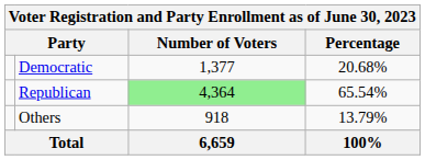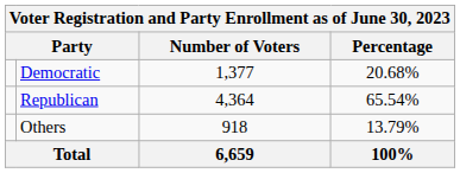 <table class=wikitable>
 <tr>
 <th colspan = 6>Voter Registration and Party Enrollment as of June 30, 2023</th>
 </tr>
 <tr>
 <th colspan = 2>Party</th>
 <th>Number of Voters</th>
 <th>Percentage</th>
 </tr>
 <tr>
 <td></td>
 <td><a href='#'>Democratic</a></td>
 <td align = center>1,377</td>
 <td align = center>20.68%</td>
 </tr>
 <tr>
 <td></td>
 <td><a href='#'>Republican</a></td>
-<td align = center style="background: lightgreen;">4,364</td>
+<td align = center>4,364</td>
 <td align = center>65.54%</td>
 </tr>
 <tr>
 <td></td>
 <td>Others</td>
 <td align = center>918</td>
 <td align = center>13.79%</td>
 </tr>
 <tr>
 <th colspan = 2>Total</th>
 <th align = center>6,659</th>
 <th align = center>100%</th>
 </tr>
 </table>
